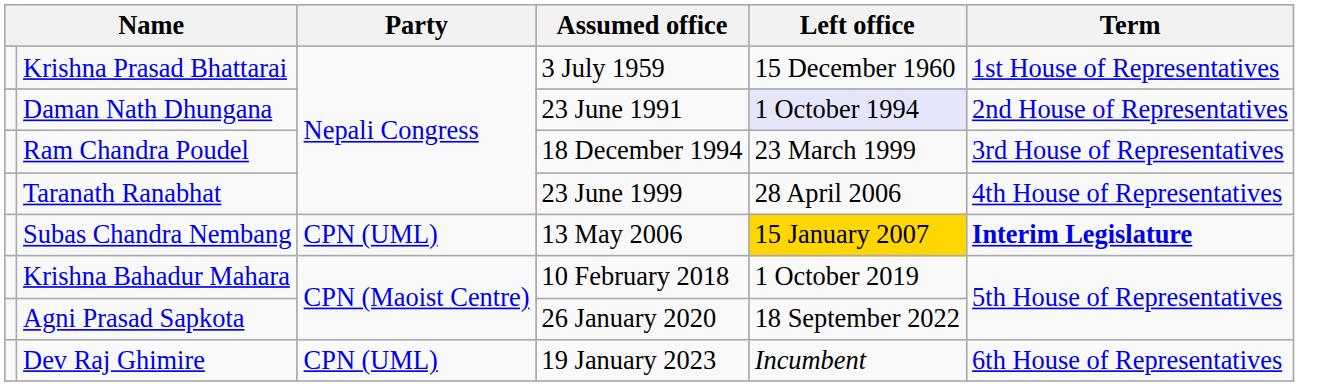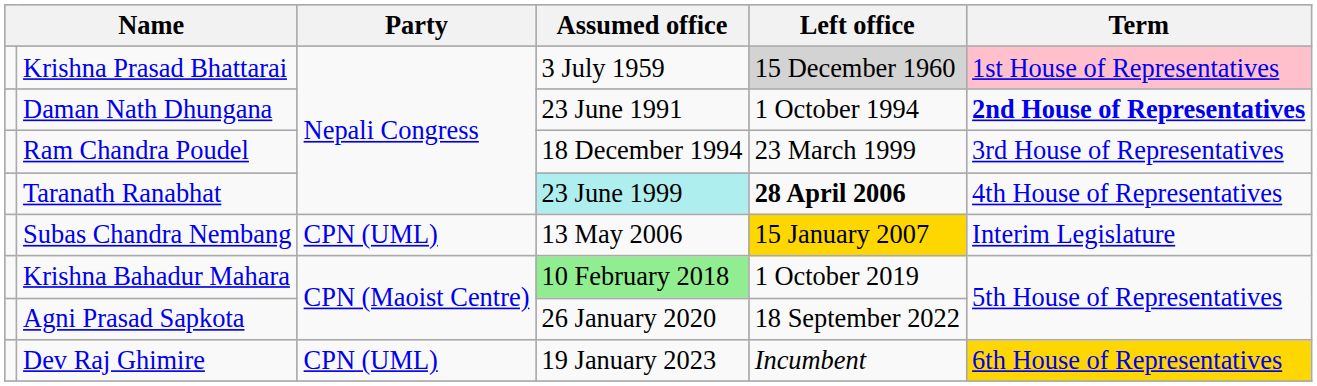 <table class="wikitable">
 <tr>
 <th colspan="2">Name</th>
 <th>Party</th>
 <th>Assumed office</th>
 <th>Left office</th>
 <th>Term</th>
 </tr>
 <tr>
 <td></td>
 <td><a href='#'>Krishna Prasad Bhattarai</a></td>
 <td rowspan="4"><a href='#'>Nepali Congress</a></td>
 <td>3 July 1959</td>
-<td>15 December 1960</td>
-<td><a href='#'>1st House of Representatives</a></td>
+<td style="background: lightgrey;">15 December 1960</td>
+<td style="background: pink;"><a href='#'>1st House of Representatives</a></td>
 </tr>
 <tr>
 <td></td>
 <td><a href='#'>Daman Nath Dhungana</a></td>
 <td>23 June 1991</td>
-<td style="background: lavender;">1 October 1994</td>
-<td><a href='#'>2nd House of Representatives</a></td>
+<td>1 October 1994</td>
+<td><strong><a href='#'>2nd House of Representatives</a></strong></td>
 </tr>
 <tr>
 <td></td>
 <td><a href='#'>Ram Chandra Poudel</a></td>
 <td>18 December 1994</td>
 <td>23 March 1999</td>
 <td><a href='#'>3rd House of Representatives</a></td>
 </tr>
 <tr>
 <td></td>
 <td><a href='#'>Taranath Ranabhat</a></td>
-<td>23 June 1999</td>
-<td>28 April 2006</td>
+<td style="background: paleturquoise;">23 June 1999</td>
+<td><strong>28 April 2006</strong></td>
 <td><a href='#'>4th House of Representatives</a></td>
 </tr>
 <tr>
 <td></td>
 <td><a href='#'>Subas Chandra Nembang</a></td>
 <td><a href='#'>CPN (UML)</a></td>
 <td>13 May 2006</td>
 <td style="background: gold;">15 January 2007</td>
-<td><strong><a href='#'>Interim Legislature</a></strong></td>
+<td><a href='#'>Interim Legislature</a></td>
 </tr>
 <tr>
 <td></td>
 <td><a href='#'>Krishna Bahadur Mahara</a></td>
 <td rowspan="2"><a href='#'>CPN (Maoist Centre)</a></td>
-<td>10 February 2018</td>
+<td style="background: lightgreen;">10 February 2018</td>
 <td>1 October 2019</td>
 <td rowspan="2"><a href='#'>5th House of Representatives</a></td>
 </tr>
 <tr>
 <td></td>
 <td><a href='#'>Agni Prasad Sapkota</a></td>
 <td>26 January 2020</td>
 <td>18 September 2022</td>
 </tr>
 <tr>
 <td></td>
 <td><a href='#'>Dev Raj Ghimire</a></td>
 <td><a href='#'>CPN (UML)</a></td>
 <td>19 January 2023</td>
 <td><em>Incumbent</em></td>
-<td><a href='#'>6th House of Representatives</a></td>
+<td style="background: gold;"><a href='#'>6th House of Representatives</a></td>
 </tr>
 </table>
